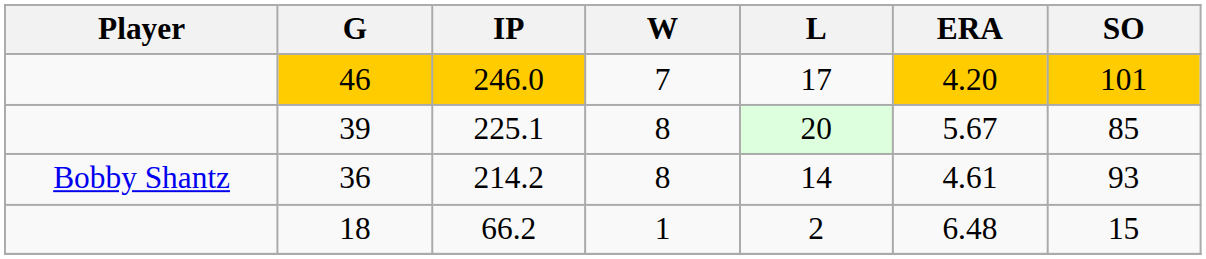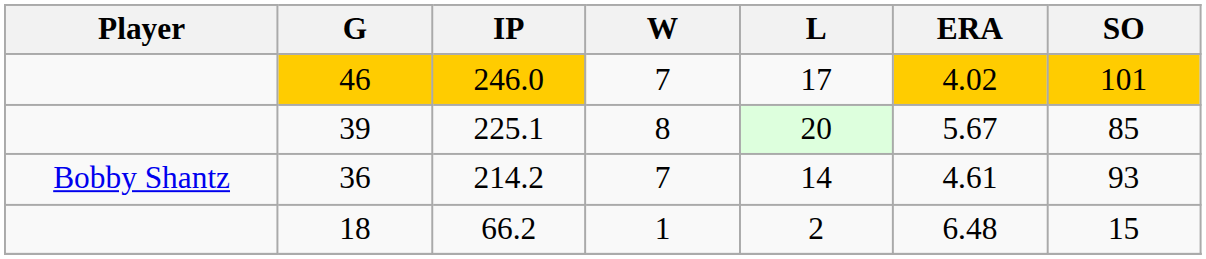 <table class="wikitable sortable">
 <tr>
 <th bgcolor="#DDDDFF" width="16%">Player</th>
 <th bgcolor="#DDDDFF" width="9%">G</th>
 <th bgcolor="#DDDDFF" width="9%">IP</th>
 <th bgcolor="#DDDDFF" width="9%">W</th>
 <th bgcolor="#DDDDFF" width="9%">L</th>
 <th bgcolor="#DDDDFF" width="9%">ERA</th>
 <th bgcolor="#DDDDFF" width="9%">SO</th>
 </tr>
 <tr align="center">
 <td></td>
 <td style="background:#fc0;">46</td>
 <td style="background:#fc0;">246.0</td>
 <td>7</td>
 <td>17</td>
-<td style="background:#fc0;">4.20</td>
+<td style="background:#fc0;">4.02</td>
 <td style="background:#fc0;">101</td>
 </tr>
 <tr align="center">
 <td></td>
 <td>39</td>
 <td>225.1</td>
 <td>8</td>
 <td style="background:#DDFFDD;">20</td>
 <td>5.67</td>
 <td>85</td>
 </tr>
 <tr align="center">
 <td><a href='#'>Bobby Shantz</a></td>
 <td>36</td>
 <td>214.2</td>
-<td>8</td>
+<td>7</td>
 <td>14</td>
 <td>4.61</td>
 <td>93</td>
 </tr>
 <tr align="center">
 <td></td>
 <td>18</td>
 <td>66.2</td>
 <td>1</td>
 <td>2</td>
 <td>6.48</td>
 <td>15</td>
 </tr>
 <tr align="center">
 </tr>
 </table>
